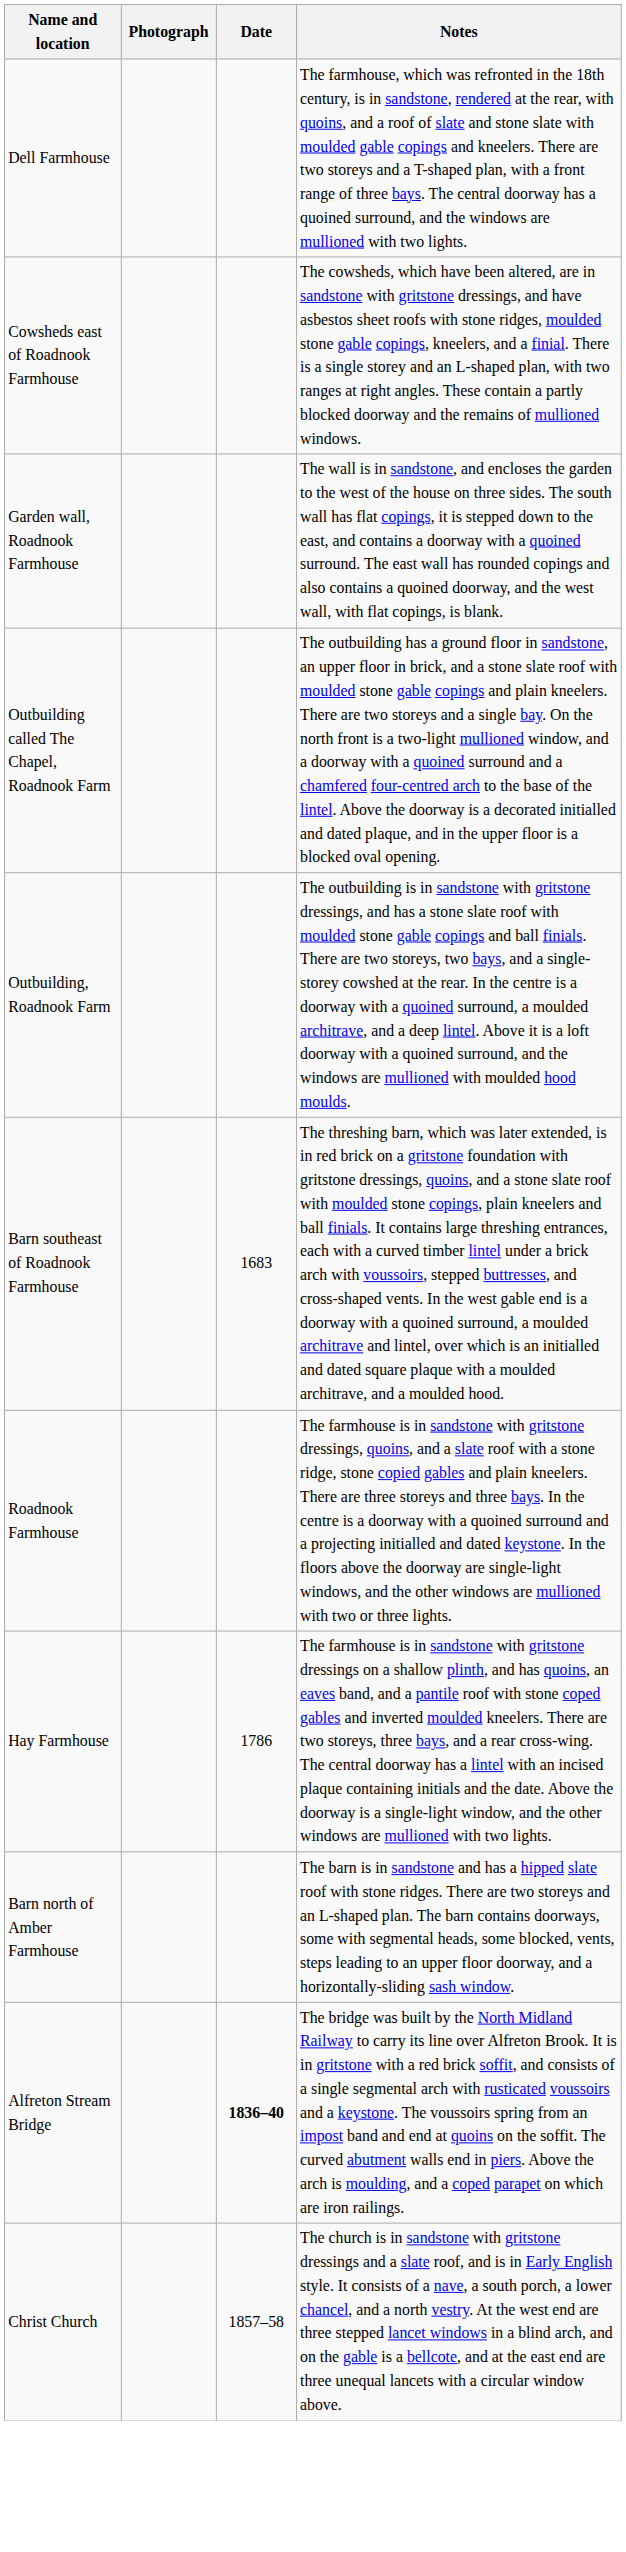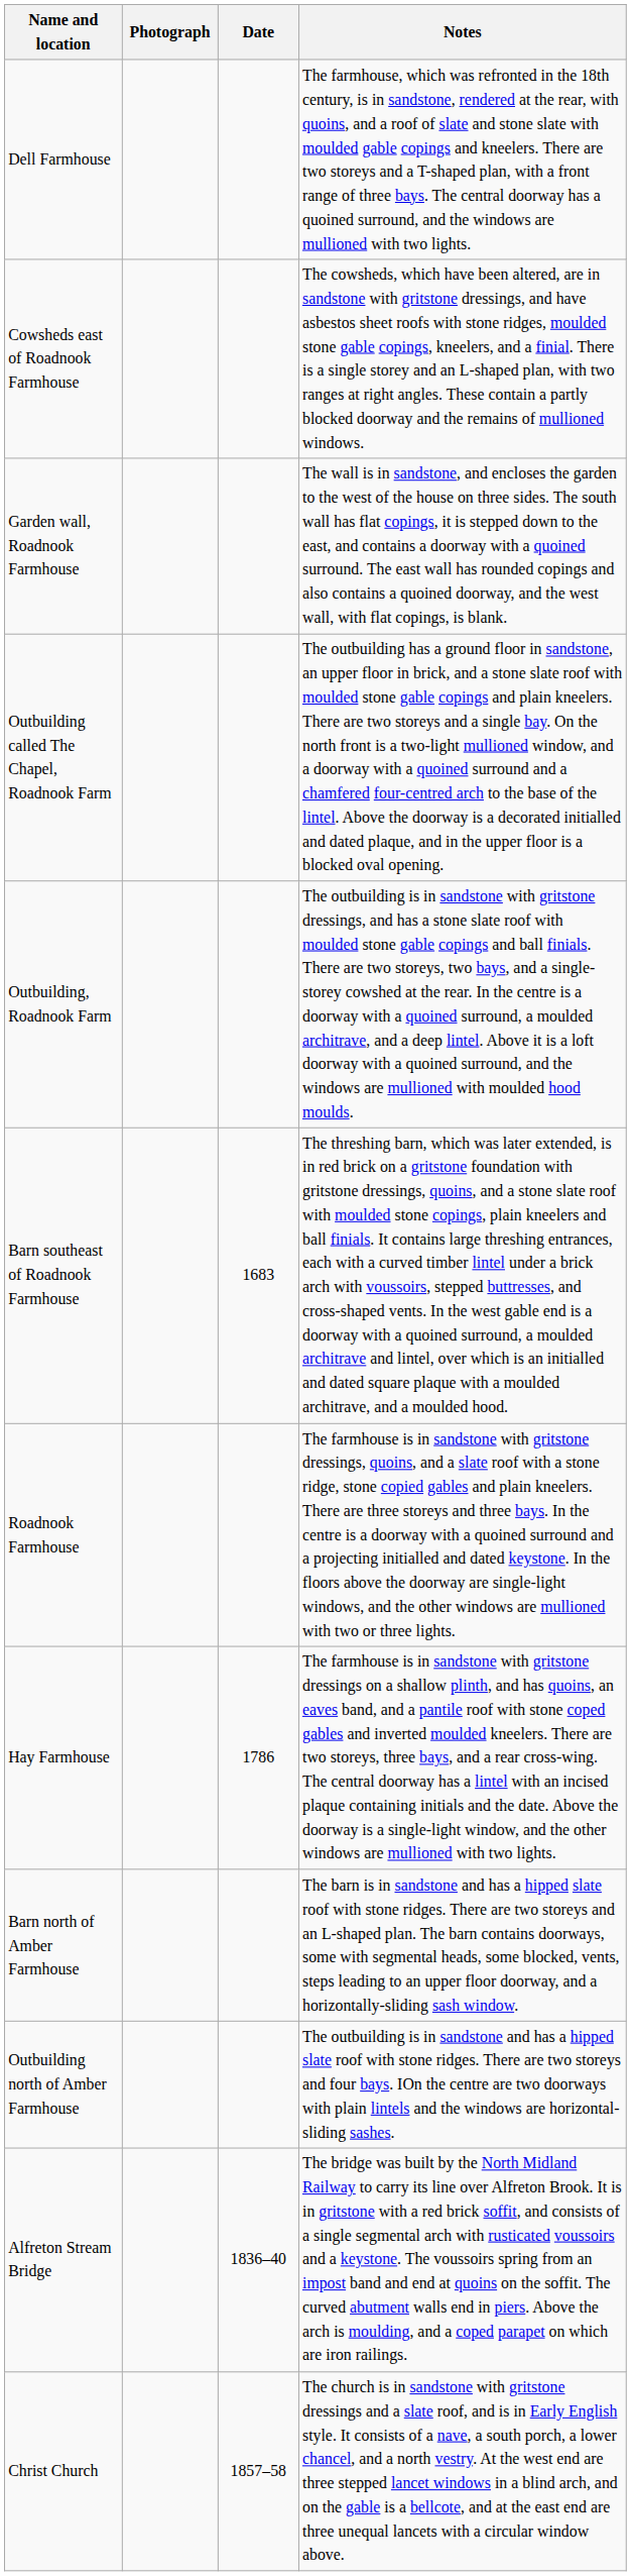 <table class="wikitable sortable plainrowheaders" style="width:100%;border:0px;text-align:left;line-height:150%;">
 <tr>
 <th scope="col"  style="width:150px">Name and location</th>
 <th scope="col"  style="width:100px" class="unsortable">Photograph</th>
 <th scope="col"  style="width:120px">Date</th>
 <th scope="col"  style="width:650px" class="unsortable">Notes</th>
 </tr>
 <tr>
 <td>Dell Farmhouse<br><small></small></td>
 <td></td>
 <td align="center"></td>
 <td>The farmhouse, which was refronted in the 18th century, is in <a href='#'>sandstone</a>, <a href='#'>rendered</a> at the rear, with <a href='#'>quoins</a>, and a roof of <a href='#'>slate</a> and stone slate with <a href='#'>moulded</a> <a href='#'>gable</a> <a href='#'>copings</a> and kneelers.  There are two storeys and a T-shaped plan, with a front range of three <a href='#'>bays</a>.  The central doorway has a quoined surround, and the windows are <a href='#'>mullioned</a> with two lights.</td>
 </tr>
 <tr>
 <td>Cowsheds east of Roadnook Farmhouse<br><small></small></td>
 <td></td>
 <td align="center"></td>
 <td>The cowsheds, which have been altered, are in <a href='#'>sandstone</a> with <a href='#'>gritstone</a> dressings, and have asbestos sheet roofs with stone ridges, <a href='#'>moulded</a> stone <a href='#'>gable</a> <a href='#'>copings</a>, kneelers, and a <a href='#'>finial</a>.  There is a single storey and an L-shaped plan, with two ranges at right angles.  These contain a partly blocked doorway and the remains of <a href='#'>mullioned</a> windows.</td>
 </tr>
 <tr>
 <td>Garden wall, Roadnook Farmhouse<br><small></small></td>
 <td></td>
 <td align="center"></td>
 <td>The wall is in <a href='#'>sandstone</a>, and encloses the garden to the west of the house on three sides.  The south wall has flat <a href='#'>copings</a>, it is stepped down to the east, and contains a doorway with a <a href='#'>quoined</a> surround.  The east wall has rounded copings and also contains a quoined doorway, and the west wall, with flat copings, is blank.</td>
 </tr>
 <tr>
 <td>Outbuilding called The Chapel, Roadnook Farm<br><small></small></td>
 <td></td>
 <td align="center"></td>
 <td>The outbuilding has a ground floor in <a href='#'>sandstone</a>, an upper floor in brick, and a stone slate roof with <a href='#'>moulded</a> stone <a href='#'>gable</a> <a href='#'>copings</a> and plain kneelers.  There are two storeys and a single <a href='#'>bay</a>.  On the north front is a two-light <a href='#'>mullioned</a> window, and a doorway with a <a href='#'>quoined</a> surround and a <a href='#'>chamfered</a> <a href='#'>four-centred arch</a> to the base of the <a href='#'>lintel</a>.  Above the doorway is a decorated initialled and dated plaque, and in the upper floor is a blocked oval opening.</td>
 </tr>
 <tr>
 <td>Outbuilding, Roadnook Farm<br><small></small></td>
 <td></td>
 <td align="center"></td>
 <td>The outbuilding is in <a href='#'>sandstone</a> with <a href='#'>gritstone</a> dressings, and has a stone slate roof with <a href='#'>moulded</a> stone <a href='#'>gable</a> <a href='#'>copings</a> and ball <a href='#'>finials</a>.  There are two storeys, two <a href='#'>bays</a>, and a single-storey cowshed at the rear.  In the centre is a doorway with a <a href='#'>quoined</a> surround, a moulded <a href='#'>architrave</a>, and a deep <a href='#'>lintel</a>.  Above it is a loft doorway with a quoined surround, and the windows are <a href='#'>mullioned</a> with moulded <a href='#'>hood moulds</a>.</td>
 </tr>
 <tr>
 <td>Barn southeast of Roadnook Farmhouse<br><small></small></td>
 <td></td>
 <td align="center">1683</td>
 <td>The threshing barn, which was later extended, is in red brick on a <a href='#'>gritstone</a> foundation with gritstone dressings, <a href='#'>quoins</a>, and a stone slate roof with <a href='#'>moulded</a> stone <a href='#'>copings</a>, plain kneelers and ball <a href='#'>finials</a>.  It contains large threshing entrances, each with a curved timber <a href='#'>lintel</a> under a brick arch with <a href='#'>voussoirs</a>, stepped <a href='#'>buttresses</a>, and cross-shaped vents.  In the west gable end is a doorway with a quoined surround, a moulded <a href='#'>architrave</a> and lintel, over which is an initialled and dated square plaque with a moulded architrave, and a moulded hood.</td>
 </tr>
 <tr>
 <td>Roadnook Farmhouse<br><small></small></td>
 <td></td>
 <td align="center"></td>
 <td>The farmhouse is in <a href='#'>sandstone</a> with <a href='#'>gritstone</a> dressings, <a href='#'>quoins</a>, and a <a href='#'>slate</a> roof with a stone ridge, stone <a href='#'>copied</a> <a href='#'>gables</a> and plain kneelers.  There are three storeys and three <a href='#'>bays</a>.  In the centre is a doorway with a quoined surround and a projecting initialled and dated <a href='#'>keystone</a>.  In the floors above the doorway are single-light windows, and the other windows are <a href='#'>mullioned</a> with two or three lights.</td>
 </tr>
 <tr>
 <td>Hay Farmhouse<br><small></small></td>
 <td></td>
 <td align="center">1786</td>
 <td>The farmhouse is in <a href='#'>sandstone</a> with <a href='#'>gritstone</a> dressings on a shallow <a href='#'>plinth</a>, and has <a href='#'>quoins</a>, an <a href='#'>eaves</a> band, and a <a href='#'>pantile</a> roof with stone <a href='#'>coped</a> <a href='#'>gables</a> and inverted <a href='#'>moulded</a> kneelers. There are two storeys, three <a href='#'>bays</a>, and a rear cross-wing.  The central doorway has a <a href='#'>lintel</a> with an incised plaque containing initials and the date.  Above the doorway is a single-light window, and the other windows are <a href='#'>mullioned</a> with two lights.</td>
 </tr>
 <tr>
 <td>Barn north of Amber Farmhouse<br><small></small></td>
 <td></td>
 <td align="center"></td>
 <td>The barn is in <a href='#'>sandstone</a> and has a <a href='#'>hipped</a> <a href='#'>slate</a> roof with stone ridges.  There are two storeys and an L-shaped plan.  The barn contains doorways, some with segmental heads, some blocked, vents, steps leading to an upper floor doorway, and a horizontally-sliding <a href='#'>sash window</a>.</td>
 </tr>
 <tr>
+<td>Outbuilding north of Amber Farmhouse<br><small></small></td>
+<td></td>
+<td align="center"></td>
+<td>The outbuilding is in <a href='#'>sandstone</a> and has a <a href='#'>hipped</a> <a href='#'>slate</a> roof with stone ridges.  There are two storeys and four <a href='#'>bays</a>.  IOn the centre are two doorways with plain <a href='#'>lintels</a> and the windows are horizontal-sliding <a href='#'>sashes</a>.</td>
+</tr>
+<tr>
 <td>Alfreton Stream Bridge<br><small></small></td>
 <td></td>
-<td align="center"><strong>1836–40</strong></td>
+<td align="center">1836–40</td>
 <td>The bridge was built by the <a href='#'>North Midland Railway</a> to carry its line over Alfreton Brook.  It is in <a href='#'>gritstone</a> with a red brick <a href='#'>soffit</a>, and consists of a single segmental arch with <a href='#'>rusticated</a> <a href='#'>voussoirs</a> and a <a href='#'>keystone</a>.  The voussoirs spring from an <a href='#'>impost</a> band and end at <a href='#'>quoins</a> on the soffit.  The curved <a href='#'>abutment</a> walls end in <a href='#'>piers</a>.  Above the arch is <a href='#'>moulding</a>, and a <a href='#'>coped</a> <a href='#'>parapet</a> on which are iron railings.</td>
 </tr>
 <tr>
 <td>Christ Church<br><small></small></td>
 <td></td>
 <td align="center">1857–58</td>
 <td>The church is in <a href='#'>sandstone</a> with <a href='#'>gritstone</a> dressings and a <a href='#'>slate</a> roof, and is in <a href='#'>Early English</a> style.  It consists of a <a href='#'>nave</a>, a south porch, a lower <a href='#'>chancel</a>, and a north <a href='#'>vestry</a>.  At the west end are three stepped <a href='#'>lancet windows</a> in a blind arch, and on the <a href='#'>gable</a> is a <a href='#'>bellcote</a>, and at the east end are three unequal lancets with a circular window above.</td>
 </tr>
 <tr>
 </tr>
 </table>
